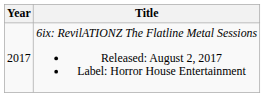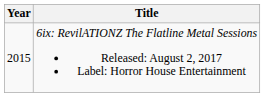 <table class="wikitable" style="text-align:center;">
 <tr>
 <th>Year</th>
 <th>Title</th>
 </tr>
 <tr>
-<td>2017</td>
+<td>2015</td>
 <td><em>6ix: RevilATIONZ The Flatline Metal Sessions</em><br><ul><li>Released: August 2, 2017</li><li>Label: Horror House Entertainment</li></ul></td>
 </tr>
 </table>
